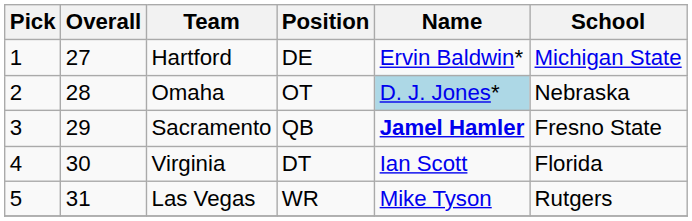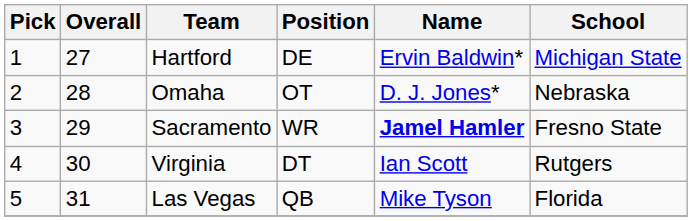 <table class="wikitable">
 <tr>
 <th>Pick</th>
 <th>Overall</th>
 <th>Team</th>
 <th>Position</th>
 <th>Name</th>
 <th>School</th>
 </tr>
 <tr>
 <td>1</td>
 <td>27</td>
 <td>Hartford</td>
 <td>DE</td>
 <td><a href='#'>Ervin Baldwin</a>*</td>
 <td><a href='#'>Michigan State</a></td>
 </tr>
 <tr>
 <td>2</td>
 <td>28</td>
 <td>Omaha</td>
 <td>OT</td>
-<td style="background: lightblue;"><a href='#'>D. J. Jones</a>*</td>
+<td><a href='#'>D. J. Jones</a>*</td>
 <td>Nebraska</td>
 </tr>
 <tr>
 <td>3</td>
 <td>29</td>
 <td>Sacramento</td>
-<td>QB</td>
+<td>WR</td>
 <td><strong><a href='#'>Jamel Hamler</a></strong></td>
 <td>Fresno State</td>
 </tr>
 <tr>
 <td>4</td>
 <td>30</td>
 <td>Virginia</td>
 <td>DT</td>
 <td><a href='#'>Ian Scott</a></td>
-<td>Florida</td>
+<td>Rutgers</td>
 </tr>
 <tr>
 <td>5</td>
 <td>31</td>
 <td>Las Vegas</td>
-<td>WR</td>
+<td>QB</td>
 <td><a href='#'>Mike Tyson</a></td>
-<td>Rutgers</td>
+<td>Florida</td>
 </tr>
 <tr>
 </tr>
 </table>
